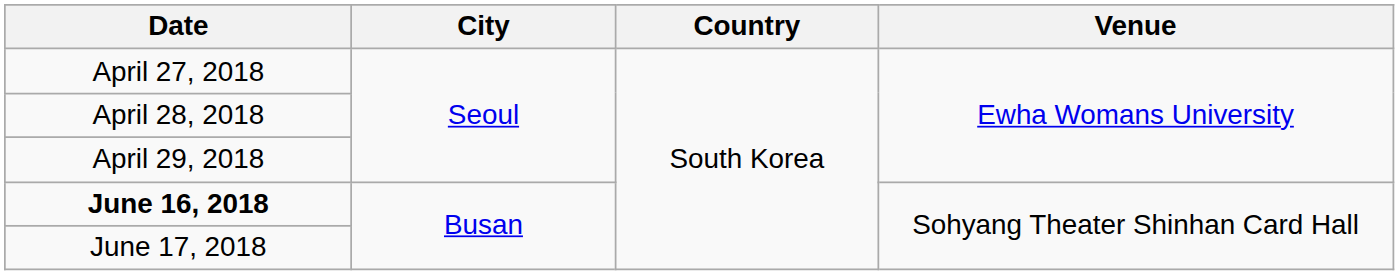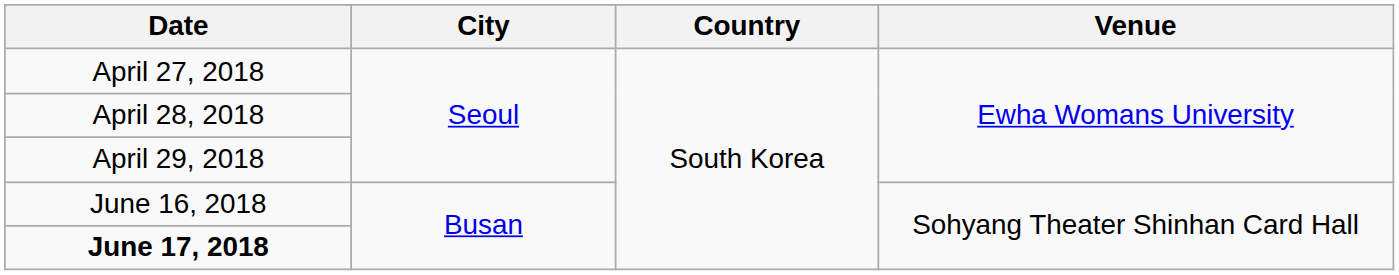 <table class="wikitable" style="text-align:center">
 <tr>
 <th scope="col" style="width:12em">Date</th>
 <th scope="col" style="width:9em">City</th>
 <th scope="col" style="width:9em">Country</th>
 <th scope="col" style="width:18em">Venue</th>
 </tr>
 <tr>
 <td>April 27, 2018</td>
 <td rowspan="3"><a href='#'>Seoul</a></td>
 <td rowspan="5">South Korea</td>
 <td rowspan="3"><a href='#'>Ewha Womans University</a></td>
 </tr>
 <tr>
 <td>April 28, 2018</td>
 </tr>
 <tr>
 <td>April 29, 2018</td>
 </tr>
 <tr>
-<td><strong>June 16, 2018</strong></td>
+<td>June 16, 2018</td>
 <td rowspan="2"><a href='#'>Busan</a></td>
 <td rowspan="2">Sohyang Theater Shinhan Card Hall</td>
 </tr>
 <tr>
-<td>June 17, 2018</td>
+<td><strong>June 17, 2018</strong></td>
 </tr>
 </table>
